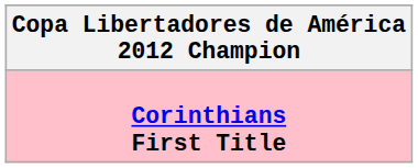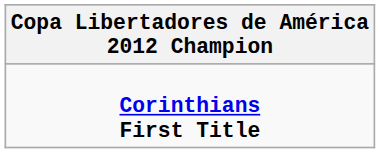 <table class="wikitable" style="text-align: center; margin: 0 auto;">
 <tr>
 <th>Copa Libertadores de América<br>2012 Champion</th>
 </tr>
 <tr>
-<td style="background: pink;"><br><strong><a href='#'>Corinthians</a></strong><br><strong>First Title</strong></td>
+<td><br><strong><a href='#'>Corinthians</a></strong><br><strong>First Title</strong></td>
 </tr>
 </table>
